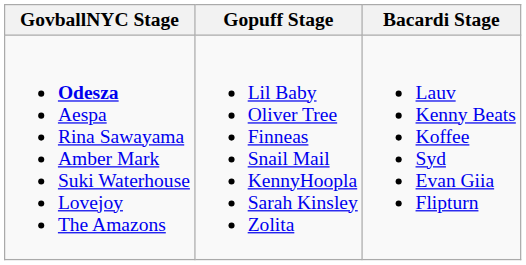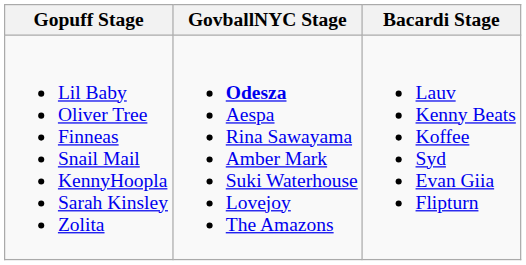 <table class="wikitable">
 <tr>
+<th>Gopuff Stage</th>
 <th>GovballNYC Stage</th>
-<th>Gopuff Stage</th>
 <th>Bacardi Stage</th>
 </tr>
 <tr valign="top">
+<td><br><ul><li><a href='#'>Lil Baby</a></li><li><a href='#'>Oliver Tree</a></li><li><a href='#'>Finneas</a></li><li><a href='#'>Snail Mail</a></li><li><a href='#'>KennyHoopla</a></li><li><a href='#'>Sarah Kinsley</a></li><li><a href='#'>Zolita</a></li></ul></td>
 <td><br><ul><li><strong><a href='#'>Odesza</a></strong></li><li><a href='#'>Aespa</a></li><li><a href='#'>Rina Sawayama</a></li><li><a href='#'>Amber Mark</a></li><li><a href='#'>Suki Waterhouse</a></li><li><a href='#'>Lovejoy</a></li><li><a href='#'>The Amazons</a></li></ul></td>
-<td><br><ul><li><a href='#'>Lil Baby</a></li><li><a href='#'>Oliver Tree</a></li><li><a href='#'>Finneas</a></li><li><a href='#'>Snail Mail</a></li><li><a href='#'>KennyHoopla</a></li><li><a href='#'>Sarah Kinsley</a></li><li><a href='#'>Zolita</a></li></ul></td>
 <td><br><ul><li><a href='#'>Lauv</a></li><li><a href='#'>Kenny Beats</a></li><li><a href='#'>Koffee</a></li><li><a href='#'>Syd</a></li><li><a href='#'>Evan Giia</a></li><li><a href='#'>Flipturn</a></li></ul></td>
 </tr>
 </table>
